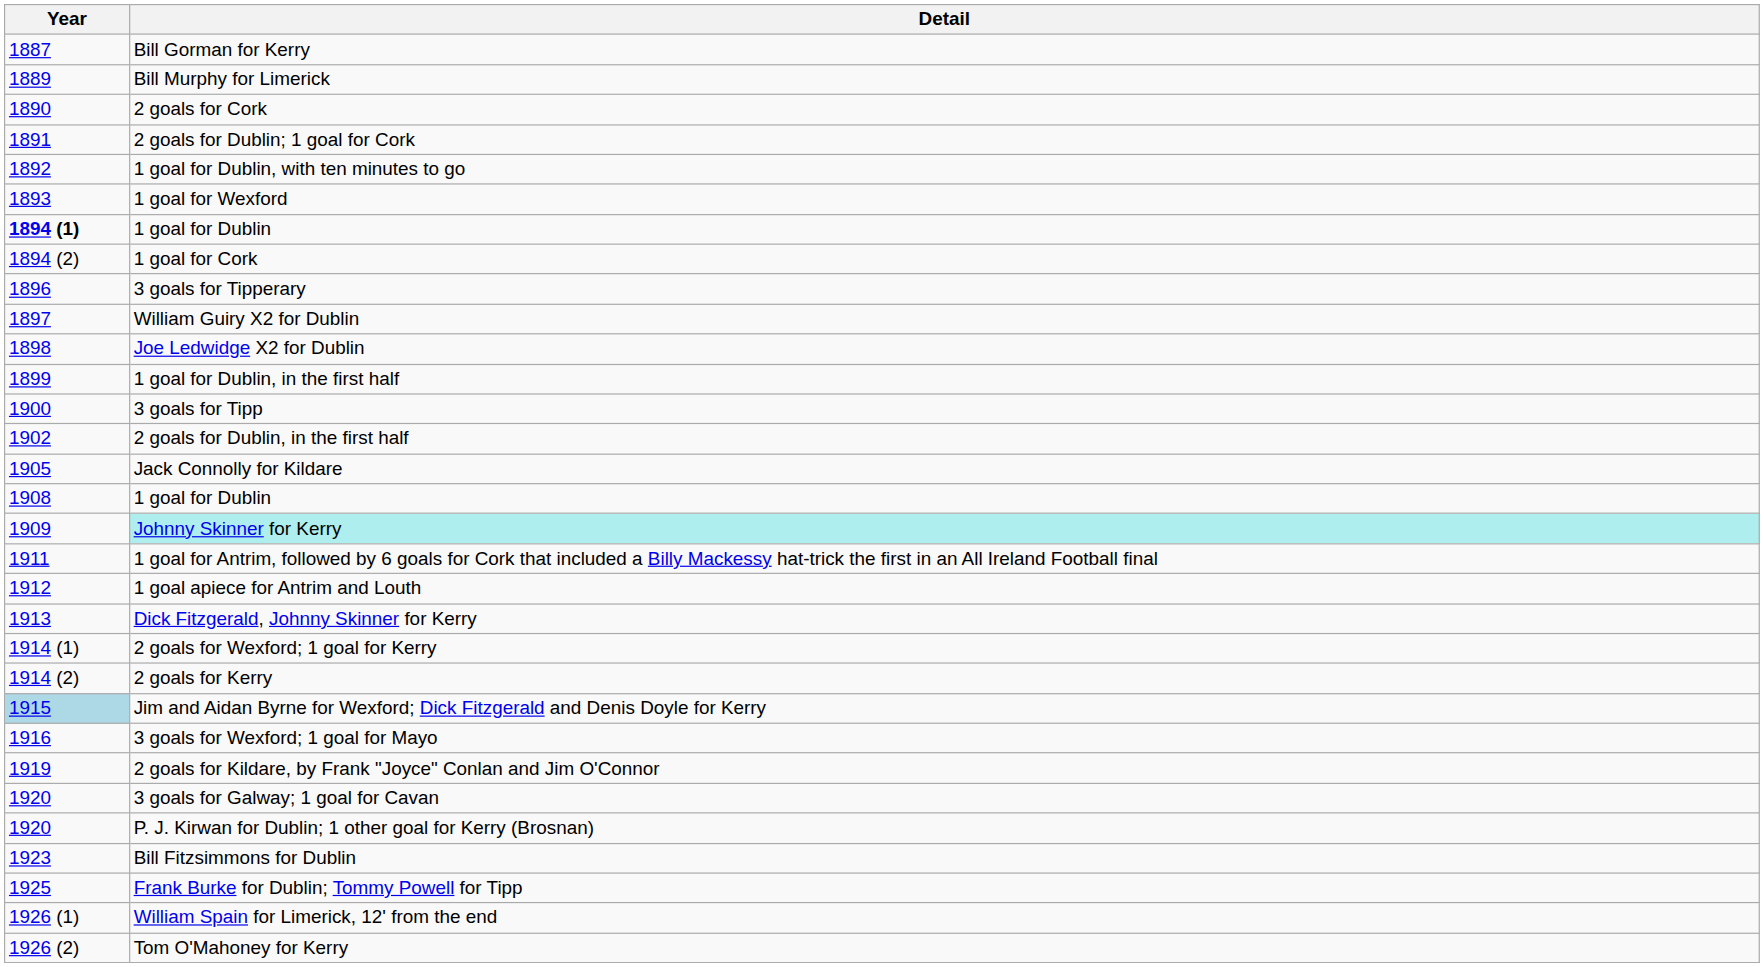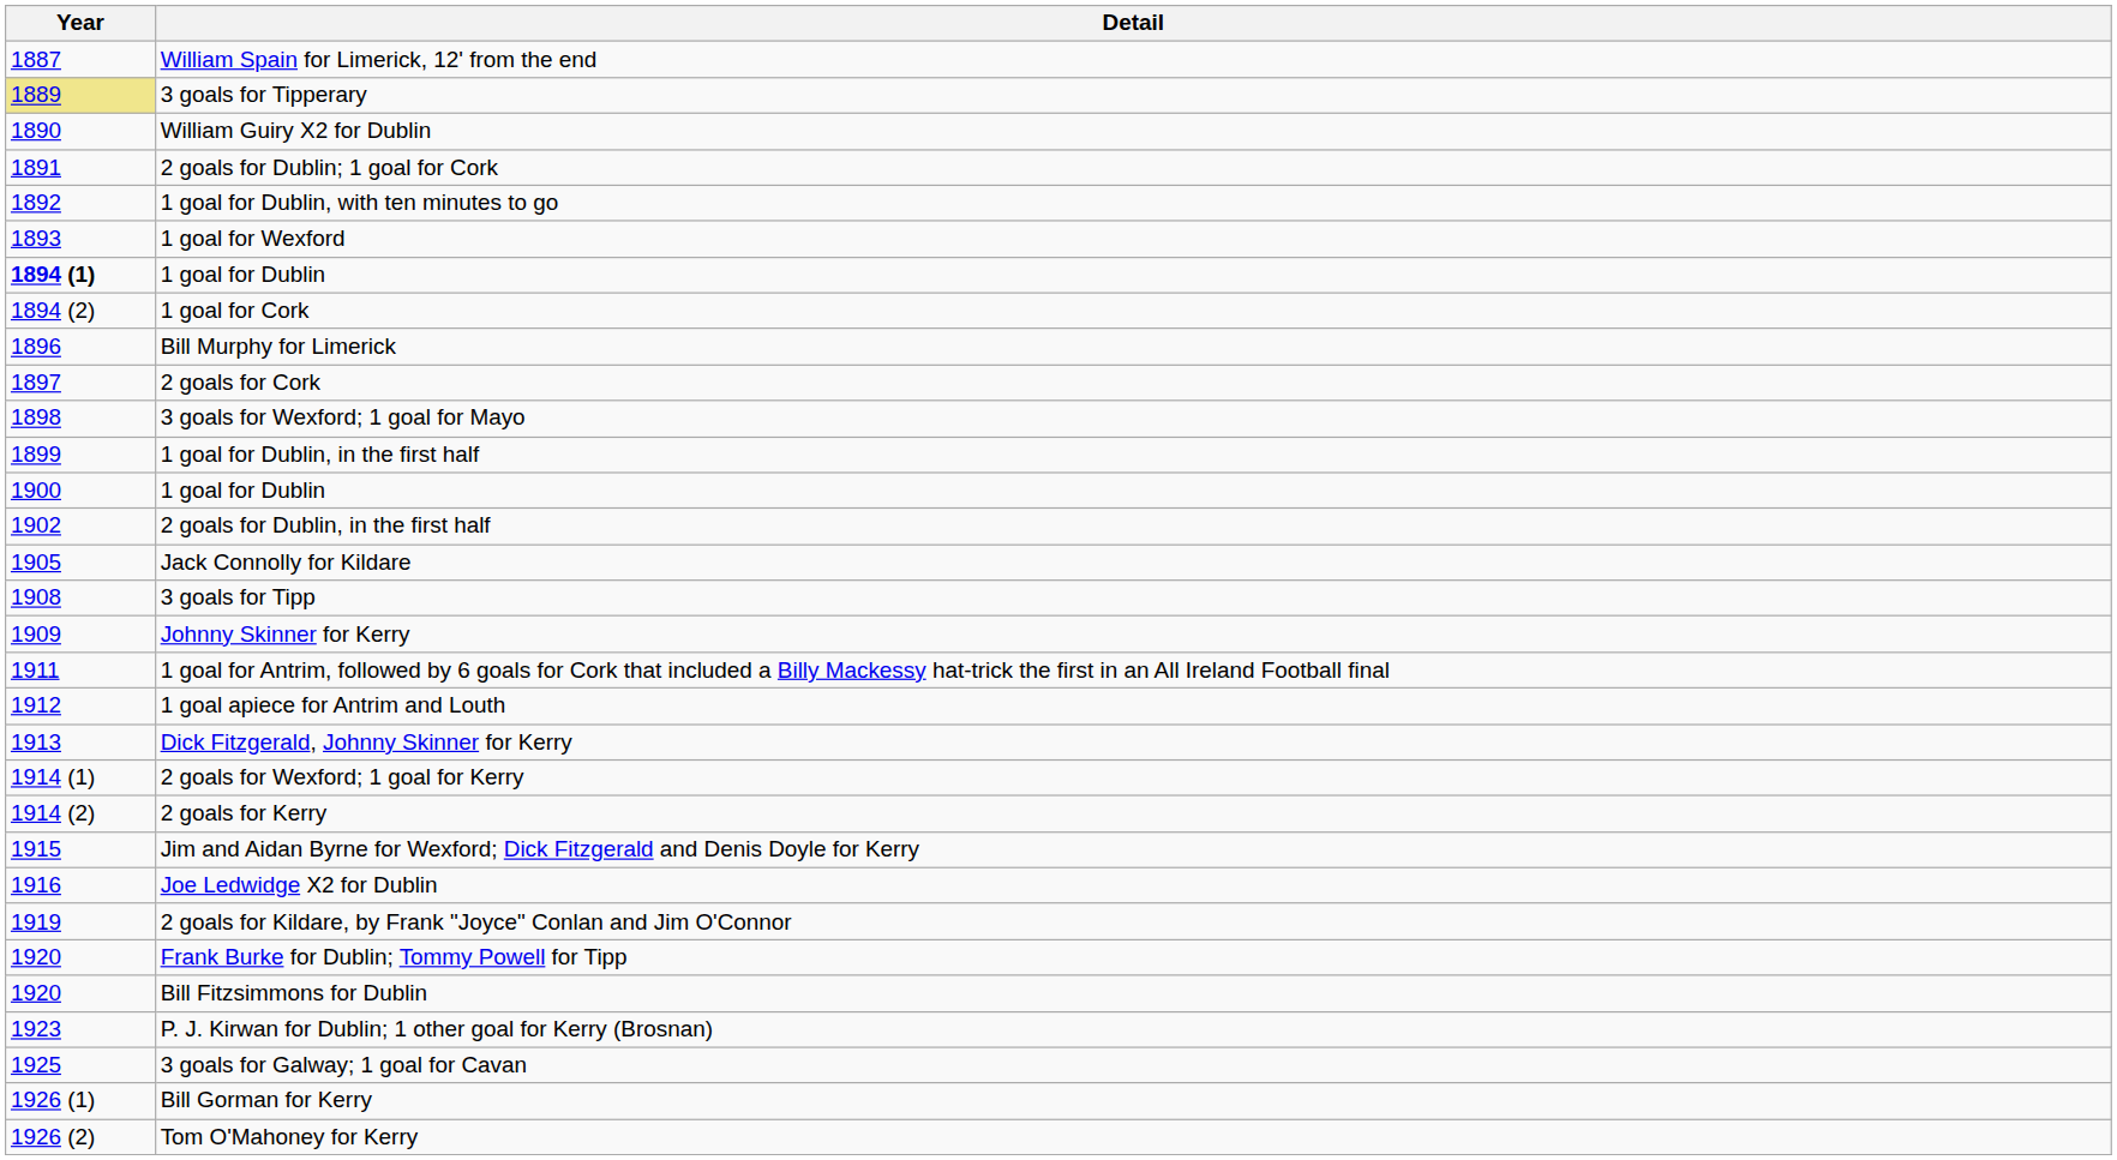 <table class="wikitable sortable" width="75%">
 <tr>
 <th>Year</th>
 <th>Detail</th>
 </tr>
 <tr>
 <td><a href='#'>1887</a></td>
-<td>Bill Gorman for Kerry</td>
+<td><a href='#'>William Spain</a> for Limerick, 12' from the end</td>
 </tr>
 <tr>
-<td><a href='#'>1889</a></td>
-<td>Bill Murphy for Limerick</td>
+<td style="background: khaki;"><a href='#'>1889</a></td>
+<td>3 goals for Tipperary</td>
 </tr>
 <tr>
 <td><a href='#'>1890</a></td>
-<td>2 goals for Cork</td>
+<td>William Guiry X2 for Dublin</td>
 </tr>
 <tr>
 <td><a href='#'>1891</a></td>
 <td>2 goals for Dublin; 1 goal for Cork</td>
 </tr>
 <tr>
 <td><a href='#'>1892</a></td>
 <td>1 goal for Dublin, with ten minutes to go</td>
 </tr>
 <tr>
 <td><a href='#'>1893</a></td>
 <td>1 goal for Wexford</td>
 </tr>
 <tr>
 <td><strong><a href='#'>1894</a> (1)</strong></td>
 <td>1 goal for Dublin</td>
 </tr>
 <tr>
 <td><a href='#'>1894</a> (2)</td>
 <td>1 goal for Cork</td>
 </tr>
 <tr>
 <td><a href='#'>1896</a></td>
-<td>3 goals for Tipperary</td>
+<td>Bill Murphy for Limerick</td>
 </tr>
 <tr>
 <td><a href='#'>1897</a></td>
-<td>William Guiry X2 for Dublin</td>
+<td>2 goals for Cork</td>
 </tr>
 <tr>
 <td><a href='#'>1898</a></td>
-<td><a href='#'>Joe Ledwidge</a> X2 for Dublin</td>
+<td>3 goals for Wexford; 1 goal for Mayo</td>
 </tr>
 <tr>
 <td><a href='#'>1899</a></td>
 <td>1 goal for Dublin, in the first half</td>
 </tr>
 <tr>
 <td><a href='#'>1900</a></td>
-<td>3 goals for Tipp</td>
+<td>1 goal for Dublin</td>
 </tr>
 <tr>
 <td><a href='#'>1902</a></td>
 <td>2 goals for Dublin, in the first half</td>
 </tr>
 <tr>
 <td><a href='#'>1905</a></td>
 <td>Jack Connolly for Kildare</td>
 </tr>
 <tr>
 <td><a href='#'>1908</a></td>
-<td>1 goal for Dublin</td>
+<td>3 goals for Tipp</td>
 </tr>
 <tr>
 <td><a href='#'>1909</a></td>
-<td style="background: paleturquoise;"><a href='#'>Johnny Skinner</a> for Kerry</td>
+<td><a href='#'>Johnny Skinner</a> for Kerry</td>
 </tr>
 <tr>
 <td><a href='#'>1911</a></td>
 <td>1 goal for Antrim, followed by 6 goals for Cork that included a <a href='#'>Billy Mackessy</a> hat-trick the first in an All Ireland Football final</td>
 </tr>
 <tr>
 <td><a href='#'>1912</a></td>
 <td>1 goal apiece for Antrim and Louth</td>
 </tr>
 <tr>
 <td><a href='#'>1913</a></td>
 <td><a href='#'>Dick Fitzgerald</a>, <a href='#'>Johnny Skinner</a> for Kerry</td>
 </tr>
 <tr>
 <td><a href='#'>1914</a> (1)</td>
 <td>2 goals for Wexford; 1 goal for Kerry</td>
 </tr>
 <tr>
 <td><a href='#'>1914</a> (2)</td>
 <td>2 goals for Kerry</td>
 </tr>
 <tr>
-<td style="background: lightblue;"><a href='#'>1915</a></td>
+<td><a href='#'>1915</a></td>
 <td>Jim and Aidan Byrne for Wexford; <a href='#'>Dick Fitzgerald</a> and Denis Doyle for Kerry</td>
 </tr>
 <tr>
 <td><a href='#'>1916</a></td>
-<td>3 goals for Wexford; 1 goal for Mayo</td>
+<td><a href='#'>Joe Ledwidge</a> X2 for Dublin</td>
 </tr>
 <tr>
 <td><a href='#'>1919</a></td>
 <td>2 goals for Kildare, by Frank "Joyce" Conlan and Jim O'Connor</td>
 </tr>
 <tr>
 <td><a href='#'>1920</a></td>
+<td><a href='#'>Frank Burke</a> for Dublin; <a href='#'>Tommy Powell</a> for Tipp</td>
+</tr>
+<tr>
+<td><a href='#'>1920</a></td>
+<td>Bill Fitzsimmons for Dublin</td>
+</tr>
+<tr>
+<td><a href='#'>1923</a></td>
+<td>P. J. Kirwan for Dublin; 1 other goal for Kerry (Brosnan)</td>
+</tr>
+<tr>
+<td><a href='#'>1925</a></td>
 <td>3 goals for Galway; 1 goal for Cavan</td>
 </tr>
 <tr>
-<td><a href='#'>1920</a></td>
-<td>P. J. Kirwan for Dublin; 1 other goal for Kerry (Brosnan)</td>
-</tr>
-<tr>
-<td><a href='#'>1923</a></td>
-<td>Bill Fitzsimmons for Dublin</td>
-</tr>
-<tr>
-<td><a href='#'>1925</a></td>
-<td><a href='#'>Frank Burke</a> for Dublin; <a href='#'>Tommy Powell</a> for Tipp</td>
-</tr>
-<tr>
 <td><a href='#'>1926</a> (1)</td>
-<td><a href='#'>William Spain</a> for Limerick, 12' from the end</td>
+<td>Bill Gorman for Kerry</td>
 </tr>
 <tr>
 <td><a href='#'>1926</a> (2)</td>
 <td>Tom O'Mahoney for Kerry</td>
 </tr>
 <tr>
 </tr>
 </table>
